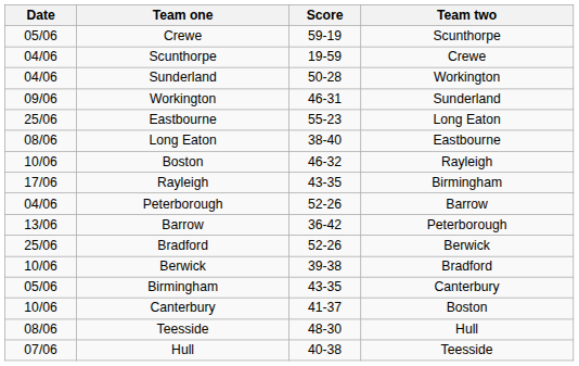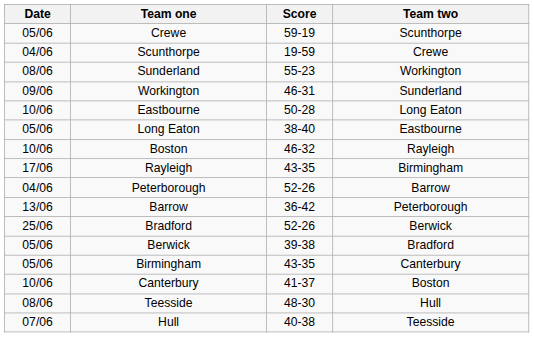 <table class="wikitable" style="text-align: center">
 <tr>
 <th width=80>Date</th>
 <th width=250>Team one</th>
 <th width=80>Score</th>
 <th width=250>Team two</th>
 </tr>
 <tr>
 <td>05/06</td>
 <td>Crewe</td>
 <td>59-19</td>
 <td>Scunthorpe</td>
 </tr>
 <tr>
 <td>04/06</td>
 <td>Scunthorpe</td>
 <td>19-59</td>
 <td>Crewe</td>
 </tr>
 <tr>
-<td>04/06</td>
+<td>08/06</td>
 <td>Sunderland</td>
-<td>50-28</td>
+<td>55-23</td>
 <td>Workington</td>
 </tr>
 <tr>
 <td>09/06</td>
 <td>Workington</td>
 <td>46-31</td>
 <td>Sunderland</td>
 </tr>
 <tr>
-<td>25/06</td>
+<td>10/06</td>
 <td>Eastbourne</td>
-<td>55-23</td>
+<td>50-28</td>
 <td>Long Eaton</td>
 </tr>
 <tr>
-<td>08/06</td>
+<td>05/06</td>
 <td>Long Eaton</td>
 <td>38-40</td>
 <td>Eastbourne</td>
 </tr>
 <tr>
 <td>10/06</td>
 <td>Boston</td>
 <td>46-32</td>
 <td>Rayleigh</td>
 </tr>
 <tr>
 <td>17/06</td>
 <td>Rayleigh</td>
 <td>43-35</td>
 <td>Birmingham</td>
 </tr>
 <tr>
 <td>04/06</td>
 <td>Peterborough</td>
 <td>52-26</td>
 <td>Barrow</td>
 </tr>
 <tr>
 <td>13/06</td>
 <td>Barrow</td>
 <td>36-42</td>
 <td>Peterborough</td>
 </tr>
 <tr>
 <td>25/06</td>
 <td>Bradford</td>
 <td>52-26</td>
 <td>Berwick</td>
 </tr>
 <tr>
-<td>10/06</td>
+<td>05/06</td>
 <td>Berwick</td>
 <td>39-38</td>
 <td>Bradford</td>
 </tr>
 <tr>
 <td>05/06</td>
 <td>Birmingham</td>
 <td>43-35</td>
 <td>Canterbury</td>
 </tr>
 <tr>
 <td>10/06</td>
 <td>Canterbury</td>
 <td>41-37</td>
 <td>Boston</td>
 </tr>
 <tr>
 <td>08/06</td>
 <td>Teesside</td>
 <td>48-30</td>
 <td>Hull</td>
 </tr>
 <tr>
 <td>07/06</td>
 <td>Hull</td>
 <td>40-38</td>
 <td>Teesside</td>
 </tr>
 </table>
